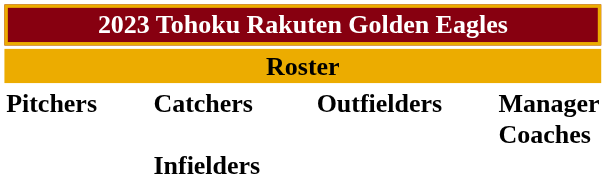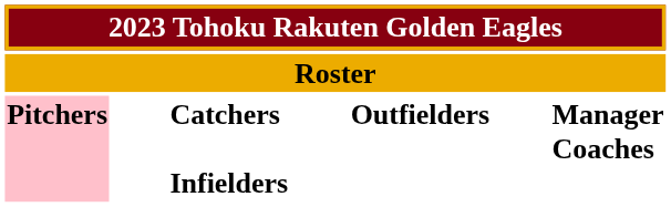 <table class="toccolours" style="font-size: 95%;">
 <tr>
 <th colspan="10" style="background:#870010; color:#FFFFFF; text-align:center; border:2px solid #ecac00">2023 Tohoku Rakuten Golden Eagles</th>
 </tr>
 <tr>
 <td colspan="10" style="background:#ecac00; color:#000000; text-align:center;"><strong>Roster</strong></td>
 </tr>
 <tr>
-<td valign="top"><strong>Pitchers</strong><br>                           </td>
+<td valign="top" style="background: pink;"><strong>Pitchers</strong><br>                           </td>
 <td style="width:25px;"></td>
 <td valign="top"><strong>Catchers</strong><br>   <br><strong>Infielders</strong>            </td>
 <td style="width:25px;"></td>
 <td valign="top"><strong>Outfielders</strong><br>       </td>
 <td style="width:25px;"></td>
 <td valign="top"><strong>Manager</strong><br> <strong>Coaches</strong>          </td>
 </tr>
 <tr>
 <td colspan="10" style="text-align: right;"></td>
 </tr>
 </table>
